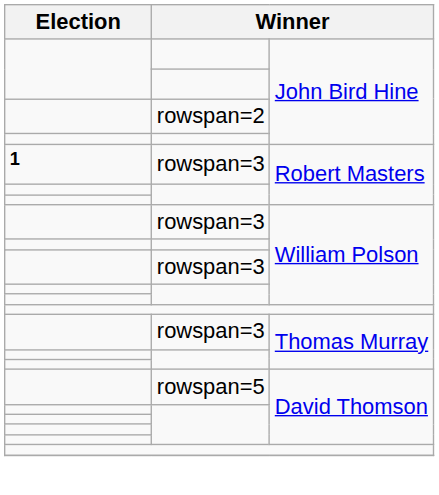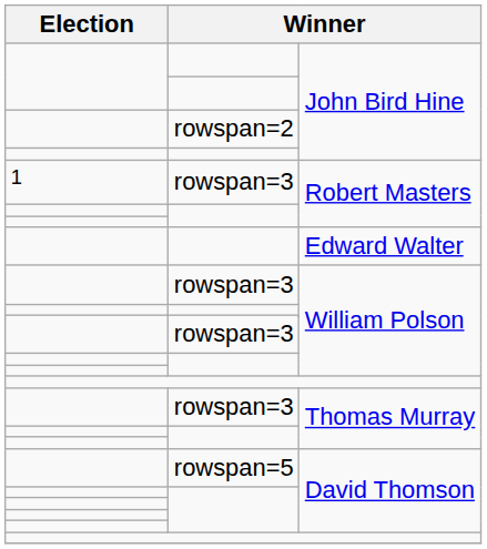 <table class=wikitable>
 <tr>
 <th width=100>Election</th>
 <th colspan=2 width=175>Winner</th>
 </tr>
 <tr>
 <td rowspan=2 height=36></td>
 <td></td>
 <td rowspan=4><a href='#'>John Bird Hine</a></td>
 </tr>
 <tr>
 <td></td>
 </tr>
 <tr>
 <td></td>
 <td>rowspan=2 </td>
 </tr>
 <tr>
 <td></td>
 </tr>
 <tr>
-<td><strong><sup>1</sup></strong></td>
+<td><sup>1</sup></td>
 <td>rowspan=3 </td>
 <td rowspan=3><a href='#'>Robert Masters</a></td>
 </tr>
 <tr>
 <td></td>
 </tr>
 <tr>
 <td></td>
+</tr>
+<tr>
+<td></td>
+<td></td>
+<td><a href='#'>Edward Walter</a></td>
 </tr>
 <tr>
 <td></td>
 <td>rowspan=3 </td>
 <td rowspan=6><a href='#'>William Polson</a></td>
 </tr>
 <tr>
 <td></td>
 </tr>
 <tr>
 <td rowspan=2 height=18></td>
 </tr>
 <tr>
 <td>rowspan=3 </td>
 </tr>
 <tr>
 <td></td>
 </tr>
 <tr>
 <td></td>
 </tr>
 <tr>
 <td colspan=3 align=center></td>
 </tr>
 <tr>
 <td></td>
 <td>rowspan=3 </td>
 <td rowspan=3><a href='#'>Thomas Murray</a></td>
 </tr>
 <tr>
 <td></td>
 </tr>
 <tr>
 <td></td>
 </tr>
 <tr>
 <td></td>
 <td>rowspan=5 </td>
 <td rowspan=5><a href='#'>David Thomson</a></td>
 </tr>
 <tr>
 <td></td>
 </tr>
 <tr>
 <td></td>
 </tr>
 <tr>
 <td></td>
 </tr>
 <tr>
 <td></td>
 </tr>
 <tr>
 <td colspan=3 align=center></td>
 </tr>
 <tr>
 </tr>
 </table>
